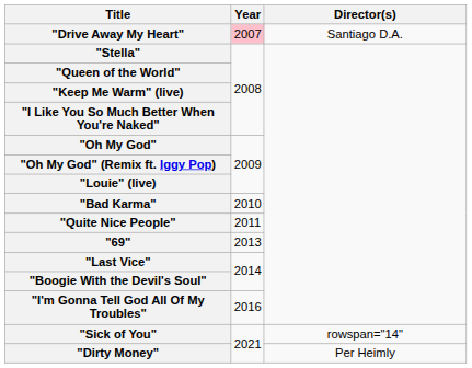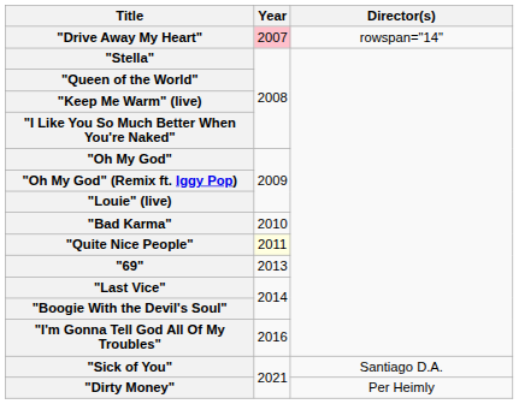 <table class="wikitable plainrowheaders" style="text-align:center;">
 <tr>
 <th scope="col" style="width:18em;">Title</th>
 <th scope="col">Year</th>
 <th scope="col" style="width:16em;">Director(s)</th>
 </tr>
 <tr>
 <th scope="row">"Drive Away My Heart"</th>
 <td style="background: pink;">2007</td>
-<td>Santiago D.A.</td>
+<td>rowspan="14" </td>
 </tr>
 <tr>
 <th scope="row">"Stella"</th>
 <td rowspan="4">2008</td>
 </tr>
 <tr>
 <th scope="row">"Queen of the World"</th>
 </tr>
 <tr>
 <th scope="row">"Keep Me Warm" (live)</th>
 </tr>
 <tr>
 <th scope="row">"I Like You So Much Better When You're Naked"</th>
 </tr>
 <tr>
 <th scope="row">"Oh My God"</th>
 <td rowspan="3">2009</td>
 </tr>
 <tr>
 <th scope="row">"Oh My God"  (Remix ft. <a href='#'>Iggy Pop</a>)</th>
 </tr>
 <tr>
 <th scope="row">"Louie" (live)</th>
 </tr>
 <tr>
 <th scope="row">"Bad Karma"</th>
 <td>2010</td>
 </tr>
 <tr>
 <th scope="row">"Quite Nice People"</th>
-<td>2011</td>
+<td style="background: lightyellow;">2011</td>
 </tr>
 <tr>
 <th scope="row">"69"</th>
 <td>2013</td>
 </tr>
 <tr>
 <th scope="row">"Last Vice"</th>
 <td rowspan="2">2014</td>
 </tr>
 <tr>
 <th scope="row">"Boogie With the Devil's Soul"</th>
 </tr>
 <tr>
 <th scope="row">"I'm Gonna Tell God All Of My Troubles"</th>
 <td>2016</td>
 </tr>
 <tr>
 <th scope="row">"Sick of You"</th>
 <td rowspan="2">2021</td>
-<td>rowspan="14" </td>
+<td>Santiago D.A.</td>
 </tr>
 <tr>
 <th scope="row">"Dirty Money"</th>
 <td>Per Heimly</td>
 </tr>
 </table>
